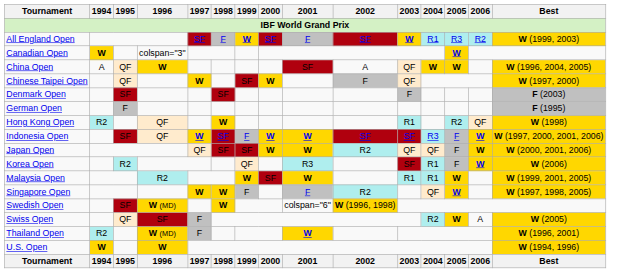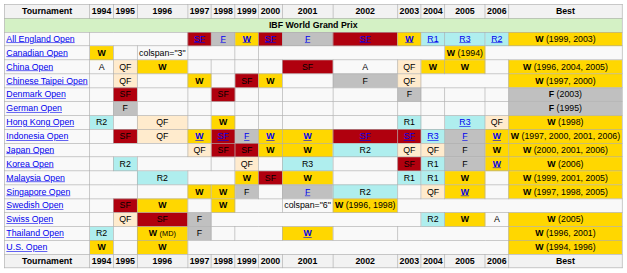 <table class="wikitable" style="font-size: 90%; text-align:center">
 <tr>
 <th>Tournament</th>
 <th>1994</th>
 <th>1995</th>
 <th>1996</th>
 <th>1997</th>
 <th>1998</th>
 <th>1999</th>
 <th>2000</th>
 <th>2001</th>
 <th>2002</th>
 <th>2003</th>
 <th>2004</th>
 <th>2005</th>
 <th>2006</th>
 <th>Best</th>
 </tr>
 <tr bgcolor=D4F1C5>
 <td colspan=20 align=center><strong>IBF World Grand Prix</strong></td>
 </tr>
 <tr>
 <td align=left><a href='#'>All England Open</a></td>
 <td colspan="3"></td>
 <td bgcolor=Bronze><a href='#'>SF</a></td>
 <td bgcolor=Silver><a href='#'>F</a></td>
 <td bgcolor=Gold><a href='#'><strong>W</strong></a></td>
 <td bgcolor=Bronze><a href='#'>SF</a></td>
 <td bgcolor=Silver><a href='#'>F</a></td>
 <td bgcolor=Bronze><a href='#'>SF</a></td>
 <td bgcolor=Gold><a href='#'><strong>W</strong></a></td>
 <td bgcolor=AFEEEE><a href='#'>R1</a></td>
 <td bgcolor=AFEEEE><a href='#'>R3</a></td>
 <td bgcolor=AFEEEE><a href='#'>R2</a></td>
 <td bgcolor=Gold><strong>W</strong> (1999, 2003)</td>
 </tr>
 <tr>
 <td align=left><a href='#'>Canadian Open</a></td>
 <td bgcolor=Gold><strong>W</strong></td>
 <td></td>
 <td>colspan="3" </td>
 <td colspan="2"></td>
 <td></td>
 <td colspan="5"></td>
-<td bgcolor=Gold><a href='#'><strong>W</strong></a></td>
+<td bgcolor=Gold><strong>W</strong> (1994)</td>
 </tr>
 <tr>
 <td align=left><a href='#'>China Open</a></td>
 <td>A</td>
 <td bgcolor=FFEBCD>QF</td>
 <td bgcolor=Gold><strong>W</strong></td>
 <td></td>
 <td></td>
 <td></td>
 <td></td>
 <td bgcolor=Bronze>SF</td>
 <td>A</td>
 <td bgcolor=FFEBCD>QF</td>
 <td bgcolor=Gold><strong>W</strong></td>
 <td bgcolor=Gold><strong>W</strong></td>
 <td></td>
 <td bgcolor=Gold><strong>W</strong> (1996, 2004, 2005)</td>
 </tr>
 <tr>
 <td align=left><a href='#'>Chinese Taipei Open</a></td>
 <td></td>
 <td bgcolor=FFEBCD>QF</td>
 <td></td>
 <td bgcolor=Gold><strong>W</strong></td>
 <td></td>
 <td bgcolor=Bronze>SF</td>
 <td bgcolor=Gold><strong>W</strong></td>
 <td></td>
 <td bgcolor=Silver>F</td>
 <td bgcolor=FFEBCD>QF</td>
 <td colspan="3"></td>
 <td bgcolor=Gold><strong>W</strong> (1997, 2000)</td>
 </tr>
 <tr>
 <td align=left><a href='#'>Denmark Open</a></td>
 <td></td>
 <td bgcolor=Bronze>SF</td>
 <td></td>
 <td></td>
 <td bgcolor=Bronze>SF</td>
 <td></td>
 <td></td>
 <td></td>
 <td></td>
 <td bgcolor=Silver>F</td>
 <td></td>
 <td></td>
 <td></td>
 <td bgcolor=Silver><strong>F</strong> (2003)</td>
 </tr>
 <tr>
 <td align=left><a href='#'>German Open</a></td>
 <td></td>
 <td bgcolor=Silver>F</td>
 <td></td>
 <td></td>
 <td></td>
 <td></td>
 <td></td>
 <td></td>
 <td></td>
 <td></td>
 <td></td>
 <td></td>
 <td></td>
 <td bgcolor=Silver><strong>F</strong> (1995)</td>
 </tr>
 <tr>
 <td align=left><a href='#'>Hong Kong Open</a></td>
 <td bgcolor=AFEEEE>R2</td>
 <td></td>
 <td bgcolor=FFEBCD>QF</td>
 <td></td>
 <td bgcolor=Gold><strong>W</strong></td>
 <td></td>
 <td></td>
 <td></td>
 <td></td>
 <td bgcolor=AFEEEE>R1</td>
 <td></td>
-<td bgcolor=AFEEEE>R2</td>
+<td bgcolor=AFEEEE><a href='#'>R3</a></td>
 <td bgcolor=FFEBCD>QF</td>
 <td bgcolor=Gold><strong>W</strong> (1998)</td>
 </tr>
 <tr>
 <td align=left><a href='#'>Indonesia Open</a></td>
 <td></td>
 <td bgcolor=Bronze>SF</td>
 <td bgcolor=FFEBCD>QF</td>
 <td bgcolor=Gold><a href='#'><strong>W</strong></a></td>
 <td bgcolor=Bronze><a href='#'>SF</a></td>
 <td bgcolor=Silver><a href='#'>F</a></td>
 <td bgcolor=Gold><a href='#'><strong>W</strong></a></td>
 <td bgcolor=Gold><a href='#'><strong>W</strong></a></td>
 <td bgcolor=Bronze><a href='#'>SF</a></td>
 <td bgcolor=Bronze><a href='#'>SF</a></td>
 <td bgcolor=AFEEEE><a href='#'>R3</a></td>
 <td bgcolor=Silver><a href='#'>F</a></td>
 <td bgcolor=Gold><a href='#'><strong>W</strong></a></td>
 <td bgcolor=Gold><strong>W</strong> (1997, 2000, 2001, 2006)</td>
 </tr>
 <tr>
 <td align=left><a href='#'>Japan Open</a></td>
 <td colspan="3"></td>
 <td bgcolor=FFEBCD>QF</td>
 <td bgcolor=Bronze>SF</td>
 <td bgcolor=Bronze>SF</td>
 <td bgcolor=Gold><strong>W</strong></td>
 <td bgcolor=Gold><strong>W</strong></td>
 <td bgcolor=AFEEEE>R2</td>
 <td bgcolor=FFEBCD>QF</td>
 <td bgcolor=FFEBCD>QF</td>
 <td bgcolor=Silver>F</td>
 <td bgcolor=Gold><strong>W</strong></td>
 <td bgcolor=Gold><strong>W</strong> (2000, 2001, 2006)</td>
 </tr>
 <tr>
 <td align=left><a href='#'>Korea Open</a></td>
 <td></td>
 <td bgcolor=AFEEEE>R2</td>
 <td colspan="2"></td>
 <td></td>
 <td bgcolor=FFEBCD>QF</td>
 <td></td>
 <td bgcolor=AFEEEE>R3</td>
 <td></td>
 <td bgcolor=Bronze>SF</td>
 <td bgcolor=AFEEEE>R1</td>
 <td bgcolor=Silver>F</td>
 <td bgcolor=Gold><a href='#'><strong>W</strong></a></td>
 <td bgcolor=Gold><strong>W</strong> (2006)</td>
 </tr>
 <tr>
 <td align=left><a href='#'>Malaysia Open</a></td>
 <td colspan="2"></td>
 <td bgcolor=AFEEEE>R2</td>
 <td colspan="2"></td>
 <td bgcolor=Gold><strong>W</strong></td>
 <td bgcolor=Bronze>SF</td>
 <td bgcolor=Gold><strong>W</strong></td>
 <td></td>
 <td bgcolor=AFEEEE>R1</td>
 <td bgcolor=AFEEEE>R1</td>
 <td bgcolor=Gold><strong>W</strong></td>
 <td></td>
 <td bgcolor=Gold><strong>W</strong> (1999, 2001, 2005)</td>
 </tr>
 <tr>
 <td align=left><a href='#'>Singapore Open</a></td>
 <td colspan="2"></td>
 <td></td>
 <td bgcolor=Gold><strong>W</strong></td>
 <td bgcolor=Gold><strong>W</strong></td>
 <td bgcolor=Silver>F</td>
 <td></td>
 <td bgcolor=Silver><a href='#'>F</a></td>
 <td bgcolor=AFEEEE>R2</td>
 <td></td>
 <td bgcolor=FFEBCD>QF</td>
 <td bgcolor=Gold><a href='#'><strong>W</strong></a></td>
 <td></td>
 <td bgcolor=Gold><strong>W</strong> (1997, 1998, 2005)</td>
 </tr>
 <tr>
 <td align=left><a href='#'>Swedish Open</a></td>
 <td></td>
 <td bgcolor=Bronze>SF</td>
-<td bgcolor=Gold><strong>W</strong> <small>(MD)</small></td>
+<td bgcolor=Gold><strong>W</strong></td>
 <td></td>
 <td bgcolor=Gold><strong>W</strong></td>
 <td colspan="2"></td>
 <td>colspan="6" </td>
 <td bgcolor=Gold><strong>W</strong> (1996, 1998)</td>
 </tr>
 <tr>
 <td align=left><a href='#'>Swiss Open</a></td>
 <td></td>
 <td bgcolor=FFEBCD>QF</td>
 <td bgcolor=Bronze>SF</td>
 <td bgcolor=Silver>F</td>
 <td colspan="6"></td>
 <td bgcolor=AFEEEE>R2</td>
 <td bgcolor=Gold><strong>W</strong></td>
 <td>A</td>
 <td bgcolor=Gold><strong>W</strong> (2005)</td>
 </tr>
 <tr>
 <td align=left><a href='#'>Thailand Open</a></td>
 <td bgcolor=AFEEEE>R2</td>
 <td></td>
 <td bgcolor=Gold><strong>W</strong> <small>(MD)</small></td>
 <td bgcolor=Silver>F</td>
 <td></td>
 <td colspan="2"></td>
 <td bgcolor=Gold><a href='#'><strong>W</strong></a></td>
 <td></td>
 <td colspan="4"></td>
 <td bgcolor=Gold><strong>W</strong> (1996, 2001)</td>
 </tr>
 <tr>
 <td align=left><a href='#'>U.S. Open</a></td>
 <td bgcolor=Gold><strong>W</strong></td>
 <td></td>
 <td bgcolor=Gold><strong>W</strong></td>
 <td colspan="10"></td>
 <td bgcolor=Gold><strong>W</strong> (1994, 1996)</td>
 </tr>
 <tr>
 <th>Tournament</th>
 <th>1994</th>
 <th>1995</th>
 <th>1996</th>
 <th>1997</th>
 <th>1998</th>
 <th>1999</th>
 <th>2000</th>
 <th>2001</th>
 <th>2002</th>
 <th>2003</th>
 <th>2004</th>
 <th>2005</th>
 <th>2006</th>
 <th>Best</th>
 </tr>
 </table>
